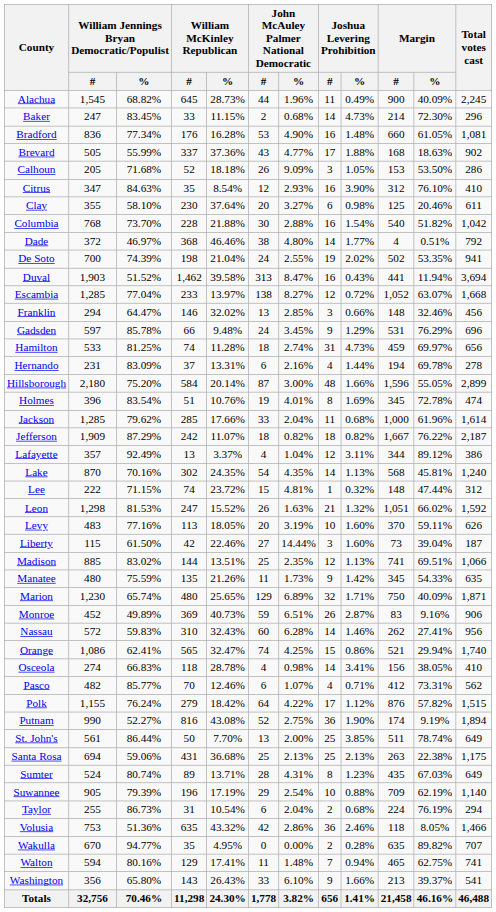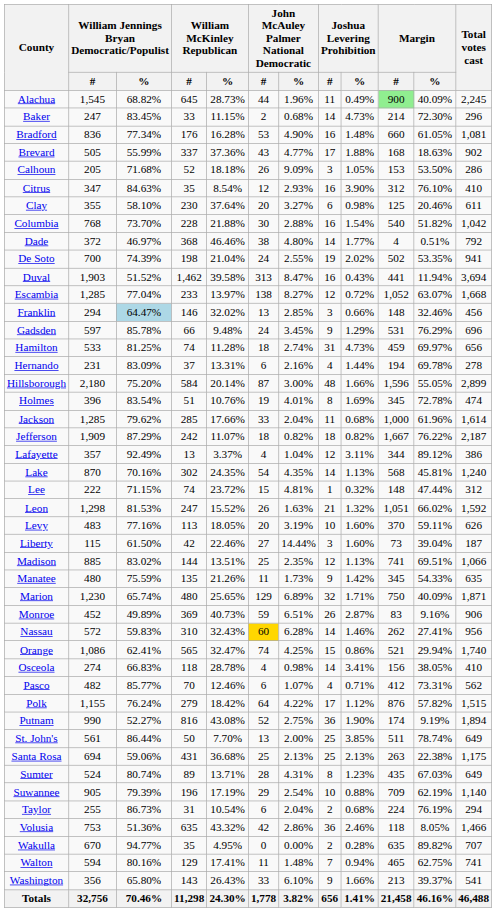 <table width="65%"  class="wikitable sortable" style="text-align:center">
 <tr>
 <th colspan="1" rowspan="2">County</th>
 <th style="text-align:center;" colspan="2">William Jennings Bryan<br> Democratic/Populist</th>
 <th style="text-align:center;" colspan="2">William McKinley<br>Republican</th>
 <th style="text-align:center;" colspan="2">John McAuley Palmer<br>National Democratic</th>
 <th style="text-align:center;" colspan="2">Joshua Levering<br>Prohibition</th>
 <th style="text-align:center;" colspan="2">Margin</th>
 <th colspan="1" rowspan="2" style="text-align:center;">Total votes cast</th>
 </tr>
 <tr>
 <th style="text-align:center;" data-sort-type="number">#</th>
 <th style="text-align:center;" data-sort-type="number">%</th>
 <th style="text-align:center;" data-sort-type="number">#</th>
 <th style="text-align:center;" data-sort-type="number">%</th>
 <th style="text-align:center;" data-sort-type="number">#</th>
 <th style="text-align:center;" data-sort-type="number">%</th>
 <th style="text-align:center;" data-sort-type="number">#</th>
 <th style="text-align:center;" data-sort-type="number">%</th>
 <th style="text-align:center;" data-sort-type="number">#</th>
 <th style="text-align:center;" data-sort-type="number">%</th>
 </tr>
 <tr style="text-align:center;">
 <td><a href='#'>Alachua</a></td>
 <td>1,545</td>
 <td>68.82%</td>
 <td>645</td>
 <td>28.73%</td>
 <td>44</td>
 <td>1.96%</td>
 <td>11</td>
 <td>0.49%</td>
-<td>900</td>
+<td style="background: lightgreen;">900</td>
 <td>40.09%</td>
 <td>2,245</td>
 </tr>
 <tr style="text-align:center;">
 <td><a href='#'>Baker</a></td>
 <td>247</td>
 <td>83.45%</td>
 <td>33</td>
 <td>11.15%</td>
 <td>2</td>
 <td>0.68%</td>
 <td>14</td>
 <td>4.73%</td>
 <td>214</td>
 <td>72.30%</td>
 <td>296</td>
 </tr>
 <tr style="text-align:center;">
 <td><a href='#'>Bradford</a></td>
 <td>836</td>
 <td>77.34%</td>
 <td>176</td>
 <td>16.28%</td>
 <td>53</td>
 <td>4.90%</td>
 <td>16</td>
 <td>1.48%</td>
 <td>660</td>
 <td>61.05%</td>
 <td>1,081</td>
 </tr>
 <tr style="text-align:center;">
 <td><a href='#'>Brevard</a></td>
 <td>505</td>
 <td>55.99%</td>
 <td>337</td>
 <td>37.36%</td>
 <td>43</td>
 <td>4.77%</td>
 <td>17</td>
 <td>1.88%</td>
 <td>168</td>
 <td>18.63%</td>
 <td>902</td>
 </tr>
 <tr style="text-align:center;">
 <td><a href='#'>Calhoun</a></td>
 <td>205</td>
 <td>71.68%</td>
 <td>52</td>
 <td>18.18%</td>
 <td>26</td>
 <td>9.09%</td>
 <td>3</td>
 <td>1.05%</td>
 <td>153</td>
 <td>53.50%</td>
 <td>286</td>
 </tr>
 <tr style="text-align:center;">
 <td><a href='#'>Citrus</a></td>
 <td>347</td>
 <td>84.63%</td>
 <td>35</td>
 <td>8.54%</td>
 <td>12</td>
 <td>2.93%</td>
 <td>16</td>
 <td>3.90%</td>
 <td>312</td>
 <td>76.10%</td>
 <td>410</td>
 </tr>
 <tr style="text-align:center;">
 <td><a href='#'>Clay</a></td>
 <td>355</td>
 <td>58.10%</td>
 <td>230</td>
 <td>37.64%</td>
 <td>20</td>
 <td>3.27%</td>
 <td>6</td>
 <td>0.98%</td>
 <td>125</td>
 <td>20.46%</td>
 <td>611</td>
 </tr>
 <tr style="text-align:center;">
 <td><a href='#'>Columbia</a></td>
 <td>768</td>
 <td>73.70%</td>
 <td>228</td>
 <td>21.88%</td>
 <td>30</td>
 <td>2.88%</td>
 <td>16</td>
 <td>1.54%</td>
 <td>540</td>
 <td>51.82%</td>
 <td>1,042</td>
 </tr>
 <tr style="text-align:center;">
 <td><a href='#'>Dade</a></td>
 <td>372</td>
 <td>46.97%</td>
 <td>368</td>
 <td>46.46%</td>
 <td>38</td>
 <td>4.80%</td>
 <td>14</td>
 <td>1.77%</td>
 <td>4</td>
 <td>0.51%</td>
 <td>792</td>
 </tr>
 <tr style="text-align:center;">
 <td><a href='#'>De Soto</a></td>
 <td>700</td>
 <td>74.39%</td>
 <td>198</td>
 <td>21.04%</td>
 <td>24</td>
 <td>2.55%</td>
 <td>19</td>
 <td>2.02%</td>
 <td>502</td>
 <td>53.35%</td>
 <td>941</td>
 </tr>
 <tr style="text-align:center;">
 <td><a href='#'>Duval</a></td>
 <td>1,903</td>
 <td>51.52%</td>
 <td>1,462</td>
 <td>39.58%</td>
 <td>313</td>
 <td>8.47%</td>
 <td>16</td>
 <td>0.43%</td>
 <td>441</td>
 <td>11.94%</td>
 <td>3,694</td>
 </tr>
 <tr style="text-align:center;">
 <td><a href='#'>Escambia</a></td>
 <td>1,285</td>
 <td>77.04%</td>
 <td>233</td>
 <td>13.97%</td>
 <td>138</td>
 <td>8.27%</td>
 <td>12</td>
 <td>0.72%</td>
 <td>1,052</td>
 <td>63.07%</td>
 <td>1,668</td>
 </tr>
 <tr style="text-align:center;">
 <td><a href='#'>Franklin</a></td>
 <td>294</td>
-<td>64.47%</td>
+<td style="background: lightblue;">64.47%</td>
 <td>146</td>
 <td>32.02%</td>
 <td>13</td>
 <td>2.85%</td>
 <td>3</td>
 <td>0.66%</td>
 <td>148</td>
 <td>32.46%</td>
 <td>456</td>
 </tr>
 <tr style="text-align:center;">
 <td><a href='#'>Gadsden</a></td>
 <td>597</td>
 <td>85.78%</td>
 <td>66</td>
 <td>9.48%</td>
 <td>24</td>
 <td>3.45%</td>
 <td>9</td>
 <td>1.29%</td>
 <td>531</td>
 <td>76.29%</td>
 <td>696</td>
 </tr>
 <tr style="text-align:center;">
 <td><a href='#'>Hamilton</a></td>
 <td>533</td>
 <td>81.25%</td>
 <td>74</td>
 <td>11.28%</td>
 <td>18</td>
 <td>2.74%</td>
 <td>31</td>
 <td>4.73%</td>
 <td>459</td>
 <td>69.97%</td>
 <td>656</td>
 </tr>
 <tr style="text-align:center;">
 <td><a href='#'>Hernando</a></td>
 <td>231</td>
 <td>83.09%</td>
 <td>37</td>
 <td>13.31%</td>
 <td>6</td>
 <td>2.16%</td>
 <td>4</td>
 <td>1.44%</td>
 <td>194</td>
 <td>69.78%</td>
 <td>278</td>
 </tr>
 <tr style="text-align:center;">
 <td><a href='#'>Hillsborough</a></td>
 <td>2,180</td>
 <td>75.20%</td>
 <td>584</td>
 <td>20.14%</td>
 <td>87</td>
 <td>3.00%</td>
 <td>48</td>
 <td>1.66%</td>
 <td>1,596</td>
 <td>55.05%</td>
 <td>2,899</td>
 </tr>
 <tr style="text-align:center;">
 <td><a href='#'>Holmes</a></td>
 <td>396</td>
 <td>83.54%</td>
 <td>51</td>
 <td>10.76%</td>
 <td>19</td>
 <td>4.01%</td>
 <td>8</td>
 <td>1.69%</td>
 <td>345</td>
 <td>72.78%</td>
 <td>474</td>
 </tr>
 <tr style="text-align:center;">
 <td><a href='#'>Jackson</a></td>
 <td>1,285</td>
 <td>79.62%</td>
 <td>285</td>
 <td>17.66%</td>
 <td>33</td>
 <td>2.04%</td>
 <td>11</td>
 <td>0.68%</td>
 <td>1,000</td>
 <td>61.96%</td>
 <td>1,614</td>
 </tr>
 <tr style="text-align:center;">
 <td><a href='#'>Jefferson</a></td>
 <td>1,909</td>
 <td>87.29%</td>
 <td>242</td>
 <td>11.07%</td>
 <td>18</td>
 <td>0.82%</td>
 <td>18</td>
 <td>0.82%</td>
 <td>1,667</td>
 <td>76.22%</td>
 <td>2,187</td>
 </tr>
 <tr style="text-align:center;">
 <td><a href='#'>Lafayette</a></td>
 <td>357</td>
 <td>92.49%</td>
 <td>13</td>
 <td>3.37%</td>
 <td>4</td>
 <td>1.04%</td>
 <td>12</td>
 <td>3.11%</td>
 <td>344</td>
 <td>89.12%</td>
 <td>386</td>
 </tr>
 <tr style="text-align:center;">
 <td><a href='#'>Lake</a></td>
 <td>870</td>
 <td>70.16%</td>
 <td>302</td>
 <td>24.35%</td>
 <td>54</td>
 <td>4.35%</td>
 <td>14</td>
 <td>1.13%</td>
 <td>568</td>
 <td>45.81%</td>
 <td>1,240</td>
 </tr>
 <tr style="text-align:center;">
 <td><a href='#'>Lee</a></td>
 <td>222</td>
 <td>71.15%</td>
 <td>74</td>
 <td>23.72%</td>
 <td>15</td>
 <td>4.81%</td>
 <td>1</td>
 <td>0.32%</td>
 <td>148</td>
 <td>47.44%</td>
 <td>312</td>
 </tr>
 <tr style="text-align:center;">
 <td><a href='#'>Leon</a></td>
 <td>1,298</td>
 <td>81.53%</td>
 <td>247</td>
 <td>15.52%</td>
 <td>26</td>
 <td>1.63%</td>
 <td>21</td>
 <td>1.32%</td>
 <td>1,051</td>
 <td>66.02%</td>
 <td>1,592</td>
 </tr>
 <tr style="text-align:center;">
 <td><a href='#'>Levy</a></td>
 <td>483</td>
 <td>77.16%</td>
 <td>113</td>
 <td>18.05%</td>
 <td>20</td>
 <td>3.19%</td>
 <td>10</td>
 <td>1.60%</td>
 <td>370</td>
 <td>59.11%</td>
 <td>626</td>
 </tr>
 <tr style="text-align:center;">
 <td><a href='#'>Liberty</a></td>
 <td>115</td>
 <td>61.50%</td>
 <td>42</td>
 <td>22.46%</td>
 <td>27</td>
 <td>14.44%</td>
 <td>3</td>
 <td>1.60%</td>
 <td>73</td>
 <td>39.04%</td>
 <td>187</td>
 </tr>
 <tr style="text-align:center;">
 <td><a href='#'>Madison</a></td>
 <td>885</td>
 <td>83.02%</td>
 <td>144</td>
 <td>13.51%</td>
 <td>25</td>
 <td>2.35%</td>
 <td>12</td>
 <td>1.13%</td>
 <td>741</td>
 <td>69.51%</td>
 <td>1,066</td>
 </tr>
 <tr style="text-align:center;">
 <td><a href='#'>Manatee</a></td>
 <td>480</td>
 <td>75.59%</td>
 <td>135</td>
 <td>21.26%</td>
 <td>11</td>
 <td>1.73%</td>
 <td>9</td>
 <td>1.42%</td>
 <td>345</td>
 <td>54.33%</td>
 <td>635</td>
 </tr>
 <tr style="text-align:center;">
 <td><a href='#'>Marion</a></td>
 <td>1,230</td>
 <td>65.74%</td>
 <td>480</td>
 <td>25.65%</td>
 <td>129</td>
 <td>6.89%</td>
 <td>32</td>
 <td>1.71%</td>
 <td>750</td>
 <td>40.09%</td>
 <td>1,871</td>
 </tr>
 <tr style="text-align:center;">
 <td><a href='#'>Monroe</a></td>
 <td>452</td>
 <td>49.89%</td>
 <td>369</td>
 <td>40.73%</td>
 <td>59</td>
 <td>6.51%</td>
 <td>26</td>
 <td>2.87%</td>
 <td>83</td>
 <td>9.16%</td>
 <td>906</td>
 </tr>
 <tr style="text-align:center;">
 <td><a href='#'>Nassau</a></td>
 <td>572</td>
 <td>59.83%</td>
 <td>310</td>
 <td>32.43%</td>
-<td>60</td>
+<td style="background: gold;">60</td>
 <td>6.28%</td>
 <td>14</td>
 <td>1.46%</td>
 <td>262</td>
 <td>27.41%</td>
 <td>956</td>
 </tr>
 <tr style="text-align:center;">
 <td><a href='#'>Orange</a></td>
 <td>1,086</td>
 <td>62.41%</td>
 <td>565</td>
 <td>32.47%</td>
 <td>74</td>
 <td>4.25%</td>
 <td>15</td>
 <td>0.86%</td>
 <td>521</td>
 <td>29.94%</td>
 <td>1,740</td>
 </tr>
 <tr style="text-align:center;">
 <td><a href='#'>Osceola</a></td>
 <td>274</td>
 <td>66.83%</td>
 <td>118</td>
 <td>28.78%</td>
 <td>4</td>
 <td>0.98%</td>
 <td>14</td>
 <td>3.41%</td>
 <td>156</td>
 <td>38.05%</td>
 <td>410</td>
 </tr>
 <tr style="text-align:center;">
 <td><a href='#'>Pasco</a></td>
 <td>482</td>
 <td>85.77%</td>
 <td>70</td>
 <td>12.46%</td>
 <td>6</td>
 <td>1.07%</td>
 <td>4</td>
 <td>0.71%</td>
 <td>412</td>
 <td>73.31%</td>
 <td>562</td>
 </tr>
 <tr style="text-align:center;">
 <td><a href='#'>Polk</a></td>
 <td>1,155</td>
 <td>76.24%</td>
 <td>279</td>
 <td>18.42%</td>
 <td>64</td>
 <td>4.22%</td>
 <td>17</td>
 <td>1.12%</td>
 <td>876</td>
 <td>57.82%</td>
 <td>1,515</td>
 </tr>
 <tr style="text-align:center;">
 <td><a href='#'>Putnam</a></td>
 <td>990</td>
 <td>52.27%</td>
 <td>816</td>
 <td>43.08%</td>
 <td>52</td>
 <td>2.75%</td>
 <td>36</td>
 <td>1.90%</td>
 <td>174</td>
 <td>9.19%</td>
 <td>1,894</td>
 </tr>
 <tr style="text-align:center;">
 <td><a href='#'>St. John's</a></td>
 <td>561</td>
 <td>86.44%</td>
 <td>50</td>
 <td>7.70%</td>
 <td>13</td>
 <td>2.00%</td>
 <td>25</td>
 <td>3.85%</td>
 <td>511</td>
 <td>78.74%</td>
 <td>649</td>
 </tr>
 <tr style="text-align:center;">
 <td><a href='#'>Santa Rosa</a></td>
 <td>694</td>
 <td>59.06%</td>
 <td>431</td>
 <td>36.68%</td>
 <td>25</td>
 <td>2.13%</td>
 <td>25</td>
 <td>2.13%</td>
 <td>263</td>
 <td>22.38%</td>
 <td>1,175</td>
 </tr>
 <tr style="text-align:center;">
 <td><a href='#'>Sumter</a></td>
 <td>524</td>
 <td>80.74%</td>
 <td>89</td>
 <td>13.71%</td>
 <td>28</td>
 <td>4.31%</td>
 <td>8</td>
 <td>1.23%</td>
 <td>435</td>
 <td>67.03%</td>
 <td>649</td>
 </tr>
 <tr style="text-align:center;">
 <td><a href='#'>Suwannee</a></td>
 <td>905</td>
 <td>79.39%</td>
 <td>196</td>
 <td>17.19%</td>
 <td>29</td>
 <td>2.54%</td>
 <td>10</td>
 <td>0.88%</td>
 <td>709</td>
 <td>62.19%</td>
 <td>1,140</td>
 </tr>
 <tr style="text-align:center;">
 <td><a href='#'>Taylor</a></td>
 <td>255</td>
 <td>86.73%</td>
 <td>31</td>
 <td>10.54%</td>
 <td>6</td>
 <td>2.04%</td>
 <td>2</td>
 <td>0.68%</td>
 <td>224</td>
 <td>76.19%</td>
 <td>294</td>
 </tr>
 <tr style="text-align:center;">
 <td><a href='#'>Volusia</a></td>
 <td>753</td>
 <td>51.36%</td>
 <td>635</td>
 <td>43.32%</td>
 <td>42</td>
 <td>2.86%</td>
 <td>36</td>
 <td>2.46%</td>
 <td>118</td>
 <td>8.05%</td>
 <td>1,466</td>
 </tr>
 <tr style="text-align:center;">
 <td><a href='#'>Wakulla</a></td>
 <td>670</td>
 <td>94.77%</td>
 <td>35</td>
 <td>4.95%</td>
 <td>0</td>
 <td>0.00%</td>
 <td>2</td>
 <td>0.28%</td>
 <td>635</td>
 <td>89.82%</td>
 <td>707</td>
 </tr>
 <tr style="text-align:center;">
 <td><a href='#'>Walton</a></td>
 <td>594</td>
 <td>80.16%</td>
 <td>129</td>
 <td>17.41%</td>
 <td>11</td>
 <td>1.48%</td>
 <td>7</td>
 <td>0.94%</td>
 <td>465</td>
 <td>62.75%</td>
 <td>741</td>
 </tr>
 <tr style="text-align:center;">
 <td><a href='#'>Washington</a></td>
 <td>356</td>
 <td>65.80%</td>
 <td>143</td>
 <td>26.43%</td>
 <td>33</td>
 <td>6.10%</td>
 <td>9</td>
 <td>1.66%</td>
 <td>213</td>
 <td>39.37%</td>
 <td>541</td>
 </tr>
 <tr style="text-align:center;">
 <th>Totals</th>
 <th>32,756</th>
 <th>70.46%</th>
 <th>11,298</th>
 <th>24.30%</th>
 <th>1,778</th>
 <th>3.82%</th>
 <th>656</th>
 <th>1.41%</th>
 <th>21,458</th>
 <th>46.16%</th>
 <th>46,488</th>
 </tr>
 </table>
